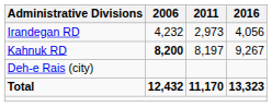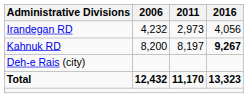 <table class="wikitable">
 <tr>
 <th>Administrative Divisions</th>
 <th>2006</th>
 <th>2011</th>
 <th>2016</th>
 </tr>
 <tr>
 <td><a href='#'>Irandegan RD</a></td>
 <td style="text-align: right;">4,232</td>
 <td style="text-align: right;">2,973</td>
 <td style="text-align: right;">4,056</td>
 </tr>
 <tr>
 <td><a href='#'>Kahnuk RD</a></td>
-<td style="text-align: right;"><strong>8,200</strong></td>
+<td style="text-align: right;">8,200</td>
 <td style="text-align: right;">8,197</td>
-<td style="text-align: right;">9,267</td>
+<td style="text-align: right;"><strong>9,267</strong></td>
 </tr>
 <tr>
 <td><a href='#'>Deh-e Rais</a> (city)</td>
 <td style="text-align: right;"></td>
 <td style="text-align: right;"></td>
 <td style="text-align: right;"></td>
 </tr>
 <tr>
 <td><strong>Total</strong></td>
 <td style="text-align: right;"><strong>12,432</strong></td>
 <td style="text-align: right;"><strong>11,170</strong></td>
 <td style="text-align: right;"><strong>13,323</strong></td>
 </tr>
 <tr>
 <td colspan=4></td>
 </tr>
 </table>
